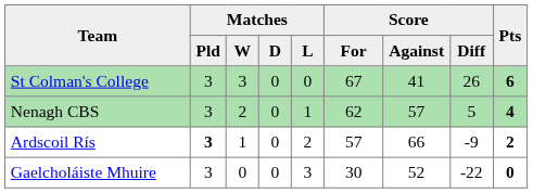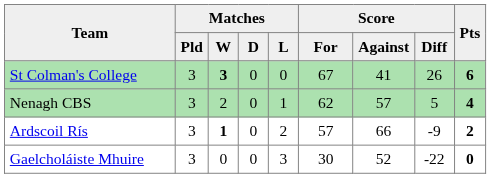 <table style=border-collapse:collapse border=1 cellspacing=0 cellpadding=5>
 <tr align=center bgcolor=#efefef>
 <th rowspan=2 width=165>Team</th>
 <th colspan=4>Matches</th>
 <th colspan=3>Score</th>
 <th rowspan=2width=20>Pts</th>
 </tr>
 <tr align=center bgcolor=#efefef>
 <th width=20>Pld</th>
 <th width=20>W</th>
 <th width=20>D</th>
 <th width=20>L</th>
 <th width=45>For</th>
 <th width=45>Against</th>
 <th width=30>Diff</th>
 </tr>
 <tr align=center style="background:#ACE1AF;">
 <td style="text-align:left;"><a href='#'>St Colman's College</a></td>
 <td>3</td>
-<td>3</td>
+<td><strong>3</strong></td>
 <td>0</td>
 <td>0</td>
 <td>67</td>
 <td>41</td>
 <td>26</td>
 <td><strong>6</strong></td>
 </tr>
 <tr align=center style="background:#ACE1AF;">
 <td style="text-align:left;">Nenagh CBS</td>
 <td>3</td>
 <td>2</td>
 <td>0</td>
 <td>1</td>
 <td>62</td>
 <td>57</td>
 <td>5</td>
 <td><strong>4</strong></td>
 </tr>
 <tr align=center>
 <td style="text-align:left;"><a href='#'>Ardscoil Rís</a></td>
-<td><strong>3</strong></td>
-<td>1</td>
+<td>3</td>
+<td><strong>1</strong></td>
 <td>0</td>
 <td>2</td>
 <td>57</td>
 <td>66</td>
 <td>-9</td>
 <td><strong>2</strong></td>
 </tr>
 <tr align=center>
 <td style="text-align:left;"><a href='#'>Gaelcholáiste Mhuire</a></td>
 <td>3</td>
 <td>0</td>
 <td>0</td>
 <td>3</td>
 <td>30</td>
 <td>52</td>
 <td>-22</td>
 <td><strong>0</strong></td>
 </tr>
 </table>
